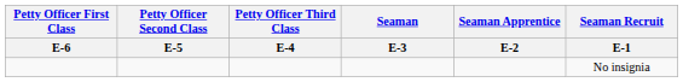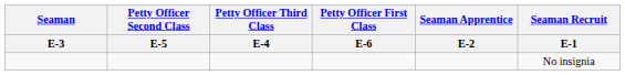 <table class="wikitable"  style="margin:auto; width:100%;">
 <tr>
-<th><a href='#'>Petty Officer First Class</a></th>
+<th><a href='#'>Seaman</a></th>
 <th><a href='#'>Petty Officer Second Class</a></th>
 <th><a href='#'>Petty Officer Third Class</a></th>
-<th><a href='#'>Seaman</a></th>
+<th><a href='#'>Petty Officer First Class</a></th>
 <th><a href='#'>Seaman Apprentice</a></th>
 <th><a href='#'>Seaman Recruit</a></th>
 </tr>
 <tr>
-<th>E-6</th>
+<th>E-3</th>
 <th>E-5</th>
 <th>E-4</th>
-<th>E-3</th>
+<th>E-6</th>
 <th>E-2</th>
 <th>E-1</th>
 </tr>
 <tr>
 <td style="text-align:center; width:16%;"></td>
 <td style="text-align:center; width:16%;"></td>
 <td style="text-align:center; width:16%;"></td>
 <td style="text-align:center; width:16%;"></td>
 <td style="text-align:center; width:16%;"></td>
 <td style="text-align:center; width:16%;">No insignia</td>
 </tr>
 </table>
